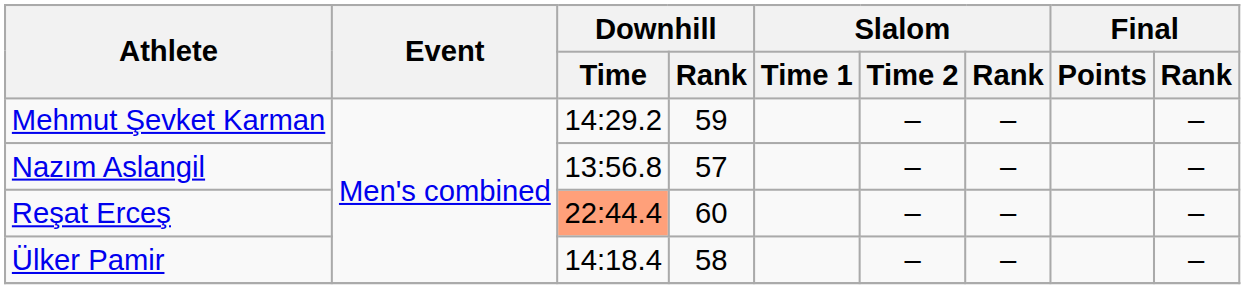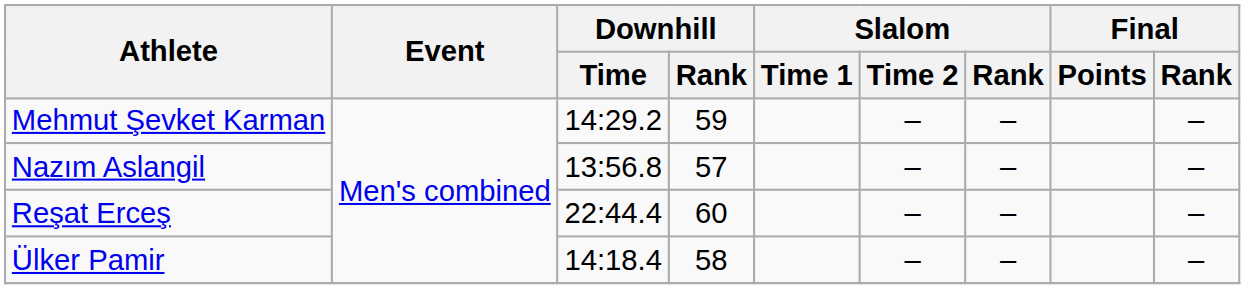 <table class="wikitable" style="font-size:90%">
 <tr>
 <th rowspan="2">Athlete</th>
 <th rowspan="2">Event</th>
 <th colspan="2">Downhill</th>
 <th colspan="3">Slalom</th>
 <th colspan="2">Final</th>
 </tr>
 <tr>
 <th>Time</th>
 <th>Rank</th>
 <th>Time 1</th>
 <th>Time 2</th>
 <th>Rank</th>
 <th>Points</th>
 <th>Rank</th>
 </tr>
 <tr>
 <td><a href='#'>Mehmut Şevket Karman</a></td>
 <td rowspan="4"><a href='#'>Men's combined</a></td>
 <td align="center">14:29.2</td>
 <td align="center">59</td>
 <td align="center"></td>
 <td align="center">–</td>
 <td align="center">–</td>
 <td align="center"></td>
 <td align="center">–</td>
 </tr>
 <tr>
 <td><a href='#'>Nazım Aslangil</a></td>
 <td align="center">13:56.8</td>
 <td align="center">57</td>
 <td align="center"></td>
 <td align="center">–</td>
 <td align="center">–</td>
 <td align="center"></td>
 <td align="center">–</td>
 </tr>
 <tr>
 <td><a href='#'>Reşat Erceş</a></td>
-<td align="center" style="background: lightsalmon;">22:44.4</td>
+<td align="center">22:44.4</td>
 <td align="center">60</td>
 <td align="center"></td>
 <td align="center">–</td>
 <td align="center">–</td>
 <td align="center"></td>
 <td align="center">–</td>
 </tr>
 <tr>
 <td><a href='#'>Ülker Pamir</a></td>
 <td align="center">14:18.4</td>
 <td align="center">58</td>
 <td align="center"></td>
 <td align="center">–</td>
 <td align="center">–</td>
 <td align="center"></td>
 <td align="center">–</td>
 </tr>
 <tr>
 </tr>
 </table>
